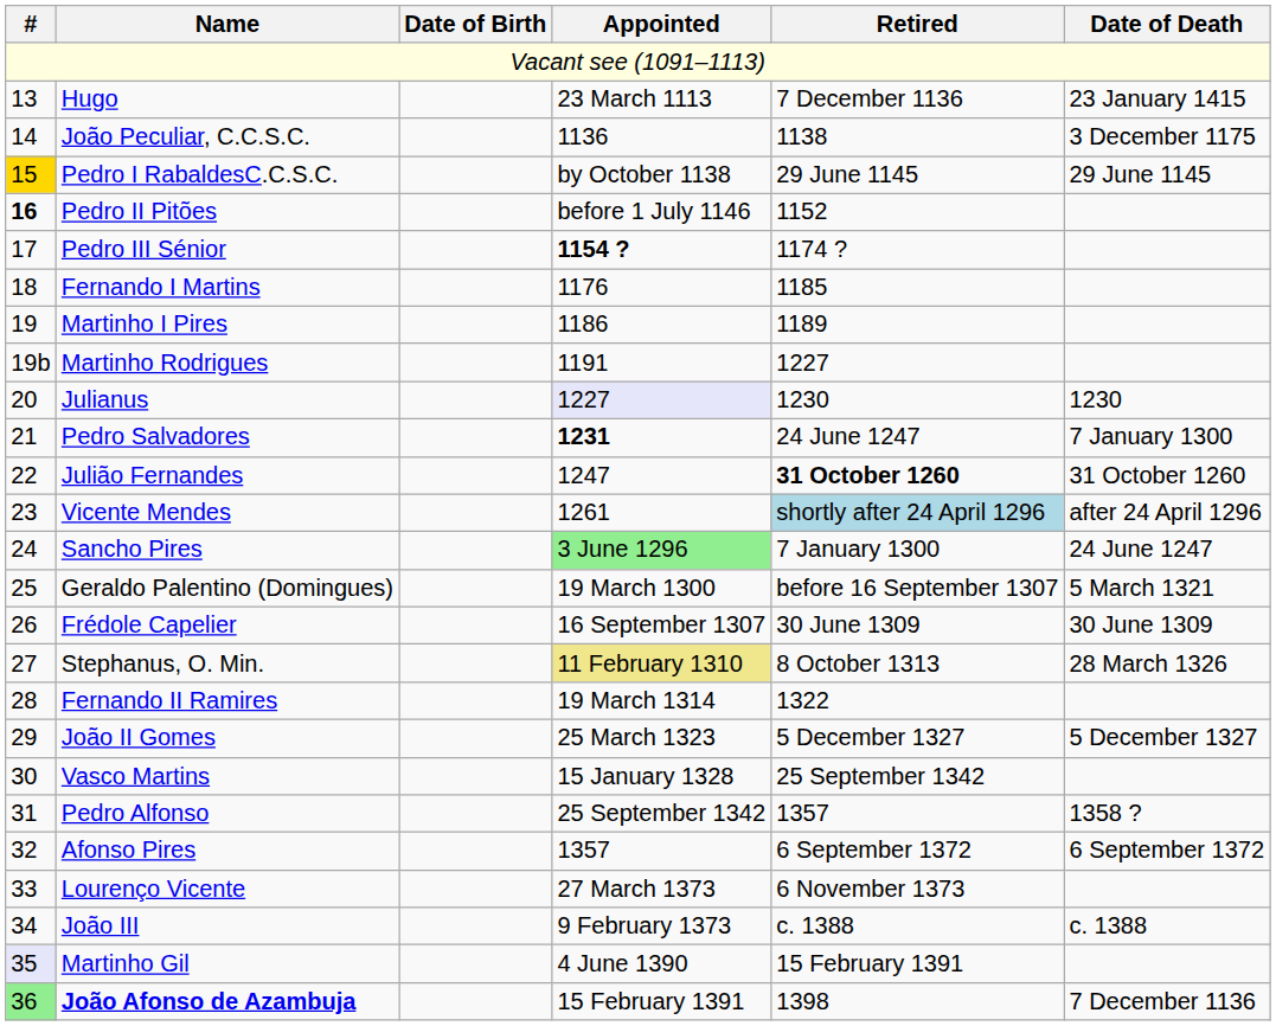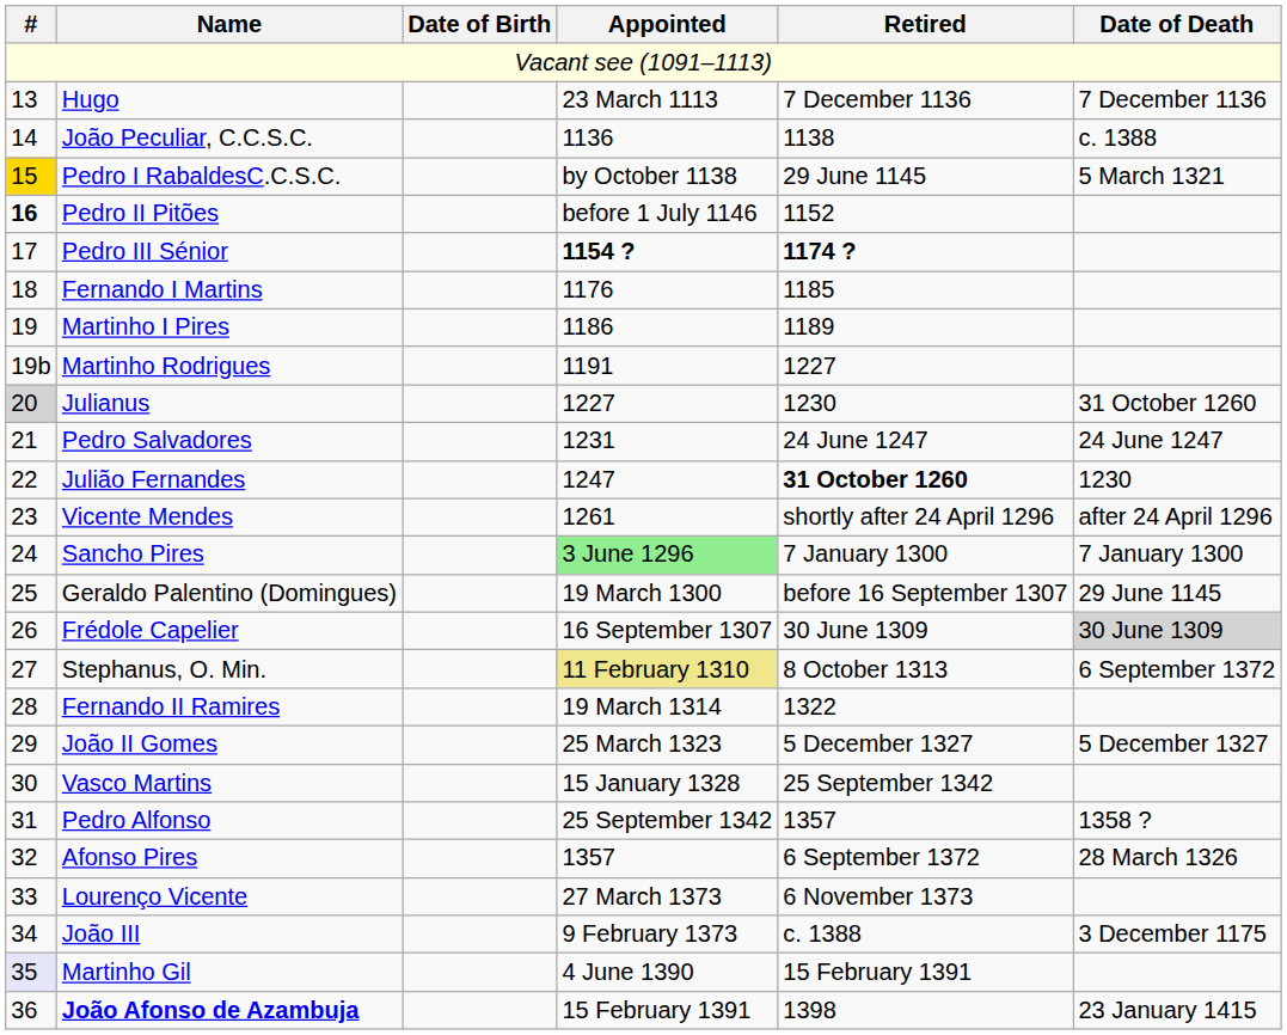 <table class="wikitable sortable">
 <tr>
 <th>#</th>
 <th>Name</th>
 <th>Date of Birth</th>
 <th>Appointed</th>
 <th>Retired</th>
 <th>Date of Death</th>
 </tr>
 <tr>
 <td colspan=6 align=center bgcolor=#FFFFE0><em>Vacant see (1091–1113)</em></td>
 </tr>
 <tr>
 <td>13</td>
 <td><a href='#'>Hugo</a></td>
 <td> </td>
 <td>23 March 1113</td>
 <td>7 December 1136</td>
-<td>23 January 1415</td>
+<td>7 December 1136</td>
 </tr>
 <tr>
 <td>14</td>
 <td><a href='#'>João Peculiar</a>, C.C.S.C.</td>
 <td> </td>
 <td>1136</td>
 <td>1138</td>
-<td>3 December 1175</td>
+<td>c. 1388</td>
 </tr>
 <tr>
 <td style="background: gold;">15</td>
 <td><a href='#'>Pedro I RabaldesC</a>.C.S.C.</td>
 <td> </td>
 <td>by October 1138</td>
 <td>29 June 1145</td>
-<td>29 June 1145</td>
+<td>5 March 1321</td>
 </tr>
 <tr>
 <td><strong>16</strong></td>
 <td><a href='#'>Pedro II Pitões</a></td>
 <td> </td>
 <td>before 1 July 1146</td>
 <td>1152</td>
 <td> </td>
 </tr>
 <tr>
 <td>17</td>
 <td><a href='#'>Pedro III Sénior</a></td>
 <td> </td>
 <td><strong>1154 ?</strong></td>
-<td>1174 ?</td>
+<td><strong>1174 ?</strong></td>
 <td> </td>
 </tr>
 <tr>
 <td>18</td>
 <td><a href='#'>Fernando I Martins</a></td>
 <td> </td>
 <td>1176</td>
 <td>1185</td>
 <td> </td>
 </tr>
 <tr>
 <td>19</td>
 <td><a href='#'>Martinho I Pires</a></td>
 <td> </td>
 <td>1186</td>
 <td>1189</td>
 <td> </td>
 </tr>
 <tr>
 <td>19b</td>
 <td><a href='#'>Martinho Rodrigues</a></td>
 <td> </td>
 <td>1191</td>
 <td>1227</td>
 <td> </td>
 </tr>
 <tr>
-<td>20</td>
+<td style="background: lightgrey;">20</td>
 <td><a href='#'>Julianus</a></td>
 <td> </td>
-<td style="background: lavender;">1227</td>
+<td>1227</td>
 <td>1230 </td>
-<td>1230 </td>
+<td>31 October 1260</td>
 </tr>
 <tr>
 <td>21</td>
 <td><a href='#'>Pedro Salvadores</a></td>
 <td> </td>
-<td><strong>1231</strong></td>
+<td>1231</td>
 <td>24 June 1247</td>
-<td>7 January 1300</td>
+<td>24 June 1247</td>
 </tr>
 <tr>
 <td>22</td>
 <td><a href='#'>Julião Fernandes</a></td>
 <td> </td>
 <td>1247</td>
 <td><strong>31 October 1260</strong></td>
-<td>31 October 1260</td>
+<td>1230 </td>
 </tr>
 <tr>
 <td>23</td>
 <td><a href='#'>Vicente Mendes</a></td>
 <td> </td>
 <td>1261</td>
-<td style="background: lightblue;">shortly after 24 April 1296</td>
+<td>shortly after 24 April 1296</td>
 <td>after 24 April 1296</td>
 </tr>
 <tr>
 <td>24</td>
 <td><a href='#'>Sancho Pires</a></td>
 <td> </td>
 <td style="background: lightgreen;">3 June 1296</td>
 <td>7 January 1300</td>
-<td>24 June 1247</td>
+<td>7 January 1300</td>
 </tr>
 <tr>
 <td>25</td>
 <td>Geraldo Palentino (Domingues)</td>
 <td> </td>
 <td>19 March 1300</td>
 <td>before 16 September 1307</td>
-<td>5 March 1321</td>
+<td>29 June 1145</td>
 </tr>
 <tr>
 <td>26</td>
 <td><a href='#'>Frédole Capelier</a></td>
 <td> </td>
 <td>16 September 1307</td>
 <td>30 June 1309</td>
-<td>30 June 1309 </td>
+<td style="background: lightgrey;">30 June 1309 </td>
 </tr>
 <tr>
 <td>27</td>
 <td>Stephanus, O. Min.</td>
 <td> </td>
 <td style="background: khaki;">11 February 1310</td>
 <td>8 October 1313</td>
-<td>28 March 1326</td>
+<td>6 September 1372</td>
 </tr>
 <tr>
 <td>28</td>
 <td><a href='#'>Fernando II Ramires</a></td>
 <td> </td>
 <td>19 March 1314</td>
 <td>1322</td>
 <td> </td>
 </tr>
 <tr>
 <td>29</td>
 <td><a href='#'>João II Gomes</a></td>
 <td> </td>
 <td>25 March 1323</td>
 <td>5 December 1327</td>
 <td>5 December 1327</td>
 </tr>
 <tr>
 <td>30</td>
 <td><a href='#'>Vasco Martins</a></td>
 <td> </td>
 <td>15 January 1328</td>
 <td>25 September 1342</td>
 <td> </td>
 </tr>
 <tr>
 <td>31</td>
 <td><a href='#'>Pedro Alfonso</a></td>
 <td> </td>
 <td>25 September 1342</td>
 <td>1357</td>
 <td>1358 ? </td>
 </tr>
 <tr>
 <td>32</td>
 <td><a href='#'>Afonso Pires</a></td>
 <td> </td>
 <td>1357</td>
 <td>6 September 1372</td>
-<td>6 September 1372</td>
+<td>28 March 1326</td>
 </tr>
 <tr>
 <td>33</td>
 <td><a href='#'>Lourenço Vicente</a></td>
 <td> </td>
 <td>27 March 1373</td>
 <td>6 November 1373</td>
 <td> </td>
 </tr>
 <tr>
 <td>34</td>
 <td><a href='#'>João III</a></td>
 <td> </td>
 <td>9 February 1373</td>
 <td>c. 1388</td>
-<td>c. 1388</td>
+<td>3 December 1175</td>
 </tr>
 <tr>
 <td style="background: lavender;">35</td>
 <td><a href='#'>Martinho Gil</a></td>
 <td> </td>
 <td>4 June 1390</td>
 <td>15 February 1391</td>
 <td> </td>
 </tr>
 <tr>
-<td style="background: lightgreen;">36</td>
+<td>36</td>
 <td><strong><a href='#'>João Afonso de Azambuja</a></strong></td>
 <td> </td>
 <td>15 February 1391</td>
 <td>1398</td>
-<td>7 December 1136</td>
+<td>23 January 1415</td>
 </tr>
 </table>
